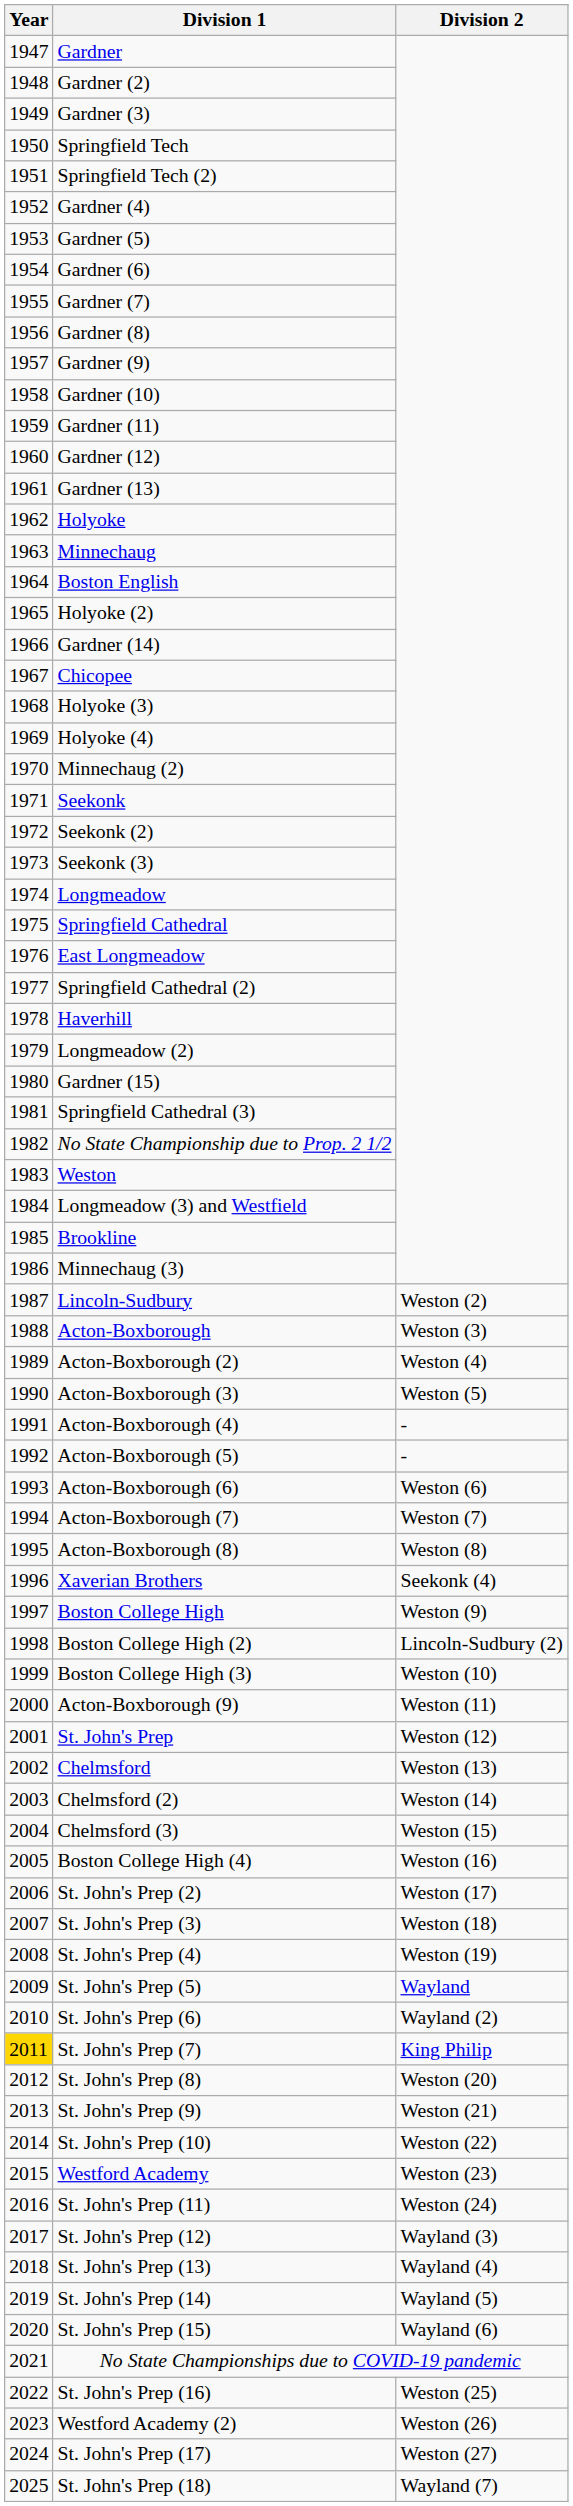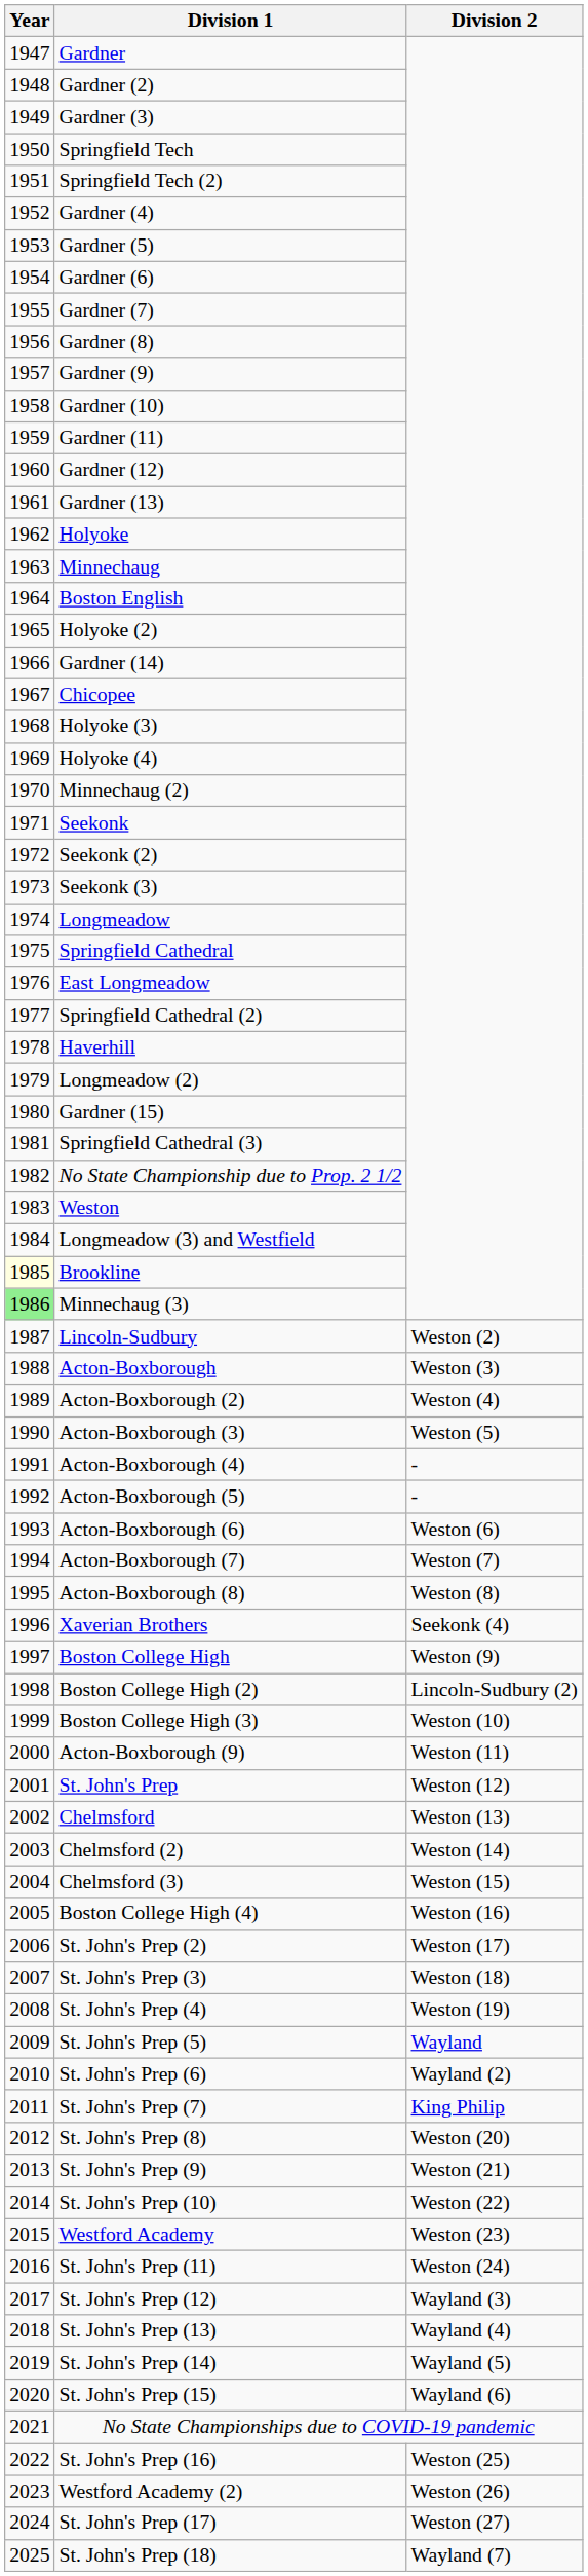 <table class="sortable wikitable">
 <tr>
 <th>Year</th>
 <th>Division 1</th>
 <th>Division 2</th>
 </tr>
 <tr>
 <td>1947</td>
 <td><a href='#'>Gardner</a></td>
 <td rowspan="40"> </td>
 </tr>
 <tr>
 <td>1948</td>
 <td>Gardner (2)</td>
 </tr>
 <tr>
 <td>1949</td>
 <td>Gardner (3)</td>
 </tr>
 <tr>
 <td>1950</td>
 <td>Springfield Tech</td>
 </tr>
 <tr>
 <td>1951</td>
 <td>Springfield Tech (2)</td>
 </tr>
 <tr>
 <td>1952</td>
 <td>Gardner (4)</td>
 </tr>
 <tr>
 <td>1953</td>
 <td>Gardner (5)</td>
 </tr>
 <tr>
 <td>1954</td>
 <td>Gardner (6)</td>
 </tr>
 <tr>
 <td>1955</td>
 <td>Gardner (7)</td>
 </tr>
 <tr>
 <td>1956</td>
 <td>Gardner (8)</td>
 </tr>
 <tr>
 <td>1957</td>
 <td>Gardner (9)</td>
 </tr>
 <tr>
 <td>1958</td>
 <td>Gardner (10)</td>
 </tr>
 <tr>
 <td>1959</td>
 <td>Gardner (11)</td>
 </tr>
 <tr>
 <td>1960</td>
 <td>Gardner (12)</td>
 </tr>
 <tr>
 <td>1961</td>
 <td>Gardner (13)</td>
 </tr>
 <tr>
 <td>1962</td>
 <td><a href='#'>Holyoke</a></td>
 </tr>
 <tr>
 <td>1963</td>
 <td><a href='#'>Minnechaug</a></td>
 </tr>
 <tr>
 <td>1964</td>
 <td><a href='#'>Boston English</a></td>
 </tr>
 <tr>
 <td>1965</td>
 <td>Holyoke (2)</td>
 </tr>
 <tr>
 <td>1966</td>
 <td>Gardner (14)</td>
 </tr>
 <tr>
 <td>1967</td>
 <td><a href='#'>Chicopee</a></td>
 </tr>
 <tr>
 <td>1968</td>
 <td>Holyoke (3)</td>
 </tr>
 <tr>
 <td>1969</td>
 <td>Holyoke (4)</td>
 </tr>
 <tr>
 <td>1970</td>
 <td>Minnechaug (2)</td>
 </tr>
 <tr>
 <td>1971</td>
 <td><a href='#'>Seekonk</a></td>
 </tr>
 <tr>
 <td>1972</td>
 <td>Seekonk (2)</td>
 </tr>
 <tr>
 <td>1973</td>
 <td>Seekonk (3)</td>
 </tr>
 <tr>
 <td>1974</td>
 <td><a href='#'>Longmeadow</a></td>
 </tr>
 <tr>
 <td>1975</td>
 <td><a href='#'>Springfield Cathedral</a></td>
 </tr>
 <tr>
 <td>1976</td>
 <td><a href='#'>East Longmeadow</a></td>
 </tr>
 <tr>
 <td>1977</td>
 <td>Springfield Cathedral (2)</td>
 </tr>
 <tr>
 <td>1978</td>
 <td><a href='#'>Haverhill</a></td>
 </tr>
 <tr>
 <td>1979</td>
 <td>Longmeadow (2)</td>
 </tr>
 <tr>
 <td>1980</td>
 <td>Gardner (15)</td>
 </tr>
 <tr>
 <td>1981</td>
 <td>Springfield Cathedral (3)</td>
 </tr>
 <tr>
 <td>1982</td>
 <td><em>No State Championship due to <a href='#'>Prop. 2 1/2</a></em></td>
 </tr>
 <tr>
 <td>1983</td>
 <td><a href='#'>Weston</a></td>
 </tr>
 <tr>
 <td>1984</td>
 <td>Longmeadow (3) and <a href='#'>Westfield</a></td>
 </tr>
 <tr>
-<td>1985</td>
+<td style="background: lightyellow;">1985</td>
 <td><a href='#'>Brookline</a></td>
 </tr>
 <tr>
-<td>1986</td>
+<td style="background: lightgreen;">1986</td>
 <td>Minnechaug (3)</td>
 </tr>
 <tr>
 <td>1987</td>
 <td><a href='#'>Lincoln-Sudbury</a></td>
 <td>Weston (2)</td>
 </tr>
 <tr>
 <td>1988</td>
 <td><a href='#'>Acton-Boxborough</a></td>
 <td>Weston (3)</td>
 </tr>
 <tr>
 <td>1989</td>
 <td>Acton-Boxborough (2)</td>
 <td>Weston (4)</td>
 </tr>
 <tr>
 <td>1990</td>
 <td>Acton-Boxborough (3)</td>
 <td>Weston (5)</td>
 </tr>
 <tr>
 <td>1991</td>
 <td>Acton-Boxborough (4)</td>
 <td>-</td>
 </tr>
 <tr>
 <td>1992</td>
 <td>Acton-Boxborough (5)</td>
 <td>-</td>
 </tr>
 <tr>
 <td>1993</td>
 <td>Acton-Boxborough (6)</td>
 <td>Weston (6)</td>
 </tr>
 <tr>
 <td>1994</td>
 <td>Acton-Boxborough (7)</td>
 <td>Weston (7)</td>
 </tr>
 <tr>
 <td>1995</td>
 <td>Acton-Boxborough (8)</td>
 <td>Weston (8)</td>
 </tr>
 <tr>
 <td>1996</td>
 <td><a href='#'>Xaverian Brothers</a></td>
 <td>Seekonk (4)</td>
 </tr>
 <tr>
 <td>1997</td>
 <td><a href='#'>Boston College High</a></td>
 <td>Weston (9)</td>
 </tr>
 <tr>
 <td>1998</td>
 <td>Boston College High (2)</td>
 <td>Lincoln-Sudbury (2)</td>
 </tr>
 <tr>
 <td>1999</td>
 <td>Boston College High (3)</td>
 <td>Weston (10)</td>
 </tr>
 <tr>
 <td>2000</td>
 <td>Acton-Boxborough (9)</td>
 <td>Weston (11)</td>
 </tr>
 <tr>
 <td>2001</td>
 <td><a href='#'>St. John's Prep</a></td>
 <td>Weston (12)</td>
 </tr>
 <tr>
 <td>2002</td>
 <td><a href='#'>Chelmsford</a></td>
 <td>Weston (13)</td>
 </tr>
 <tr>
 <td>2003</td>
 <td>Chelmsford (2)</td>
 <td>Weston (14)</td>
 </tr>
 <tr>
 <td>2004</td>
 <td>Chelmsford (3)</td>
 <td>Weston (15)</td>
 </tr>
 <tr>
 <td>2005</td>
 <td>Boston College High (4)</td>
 <td>Weston (16)</td>
 </tr>
 <tr>
 <td>2006</td>
 <td>St. John's Prep (2)</td>
 <td>Weston (17)</td>
 </tr>
 <tr>
 <td>2007</td>
 <td>St. John's Prep (3)</td>
 <td>Weston (18)</td>
 </tr>
 <tr>
 <td>2008</td>
 <td>St. John's Prep (4)</td>
 <td>Weston (19)</td>
 </tr>
 <tr>
 <td>2009</td>
 <td>St. John's Prep (5)</td>
 <td><a href='#'>Wayland</a></td>
 </tr>
 <tr>
 <td>2010</td>
 <td>St. John's Prep (6)</td>
 <td>Wayland (2)</td>
 </tr>
 <tr>
-<td style="background: gold;">2011</td>
+<td>2011</td>
 <td>St. John's Prep (7)</td>
 <td><a href='#'>King Philip</a></td>
 </tr>
 <tr>
 <td>2012</td>
 <td>St. John's Prep (8)</td>
 <td>Weston (20)</td>
 </tr>
 <tr>
 <td>2013</td>
 <td>St. John's Prep (9)</td>
 <td>Weston (21)</td>
 </tr>
 <tr>
 <td>2014</td>
 <td>St. John's Prep (10)</td>
 <td>Weston (22)</td>
 </tr>
 <tr>
 <td>2015</td>
 <td><a href='#'>Westford Academy</a></td>
 <td>Weston (23)</td>
 </tr>
 <tr>
 <td>2016</td>
 <td>St. John's Prep (11)</td>
 <td>Weston (24)</td>
 </tr>
 <tr>
 <td>2017</td>
 <td>St. John's Prep (12)</td>
 <td>Wayland (3)</td>
 </tr>
 <tr>
 <td>2018</td>
 <td>St. John's Prep (13)</td>
 <td>Wayland (4)</td>
 </tr>
 <tr>
 <td>2019</td>
 <td>St. John's Prep (14)</td>
 <td>Wayland (5)</td>
 </tr>
 <tr>
 <td>2020</td>
 <td>St. John's Prep (15)</td>
 <td>Wayland (6)</td>
 </tr>
 <tr>
 <td>2021</td>
 <td colspan="2" align="center"><em>No State Championships due to <a href='#'>COVID-19 pandemic</a></em></td>
 </tr>
 <tr>
 <td>2022</td>
 <td>St. John's Prep (16)</td>
 <td>Weston (25)</td>
 </tr>
 <tr>
 <td>2023</td>
 <td>Westford Academy (2)</td>
 <td>Weston (26)</td>
 </tr>
 <tr>
 <td>2024</td>
 <td>St. John's Prep (17)</td>
 <td>Weston (27)</td>
 </tr>
 <tr>
 <td>2025</td>
 <td>St. John's Prep (18)</td>
 <td>Wayland (7)</td>
 </tr>
 </table>
